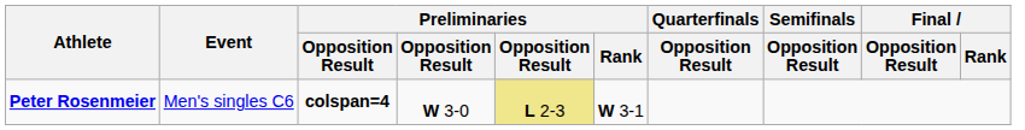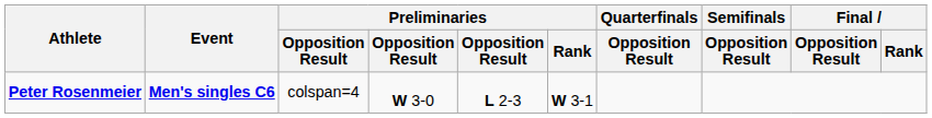 <table class=wikitable style="font-size:90%">
 <tr>
 <th rowspan="2">Athlete</th>
 <th rowspan="2">Event</th>
 <th colspan="4">Preliminaries</th>
 <th>Quarterfinals</th>
 <th>Semifinals</th>
 <th colspan="2">Final / </th>
 </tr>
 <tr>
 <th>Opposition<br>Result</th>
 <th>Opposition<br>Result</th>
 <th>Opposition<br>Result</th>
 <th>Rank</th>
 <th>Opposition<br>Result</th>
 <th>Opposition<br>Result</th>
 <th>Opposition<br>Result</th>
 <th>Rank</th>
 </tr>
 <tr align=center>
 <td align=left><strong><a href='#'>Peter Rosenmeier</a></strong></td>
-<td align=left><a href='#'>Men's singles C6</a></td>
-<td><strong>colspan=4 </strong></td>
+<td align=left><strong><a href='#'>Men's singles C6</a></strong></td>
+<td>colspan=4 </td>
 <td><br><strong>W</strong> 3-0</td>
-<td style="background: khaki;"><br><strong>L</strong> 2-3</td>
+<td><br><strong>L</strong> 2-3</td>
 <td><br><strong>W</strong> 3-1</td>
 <td></td>
 </tr>
 </table>
